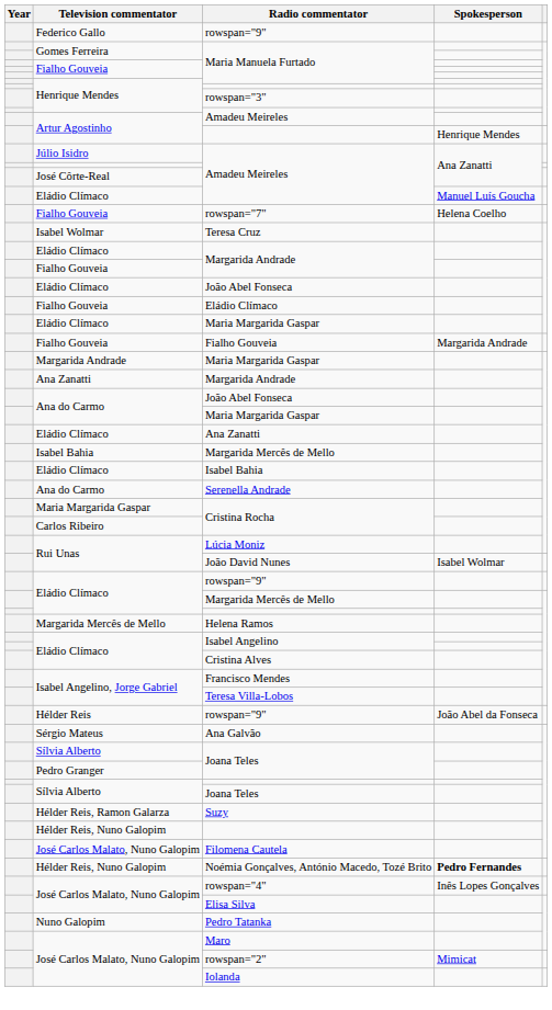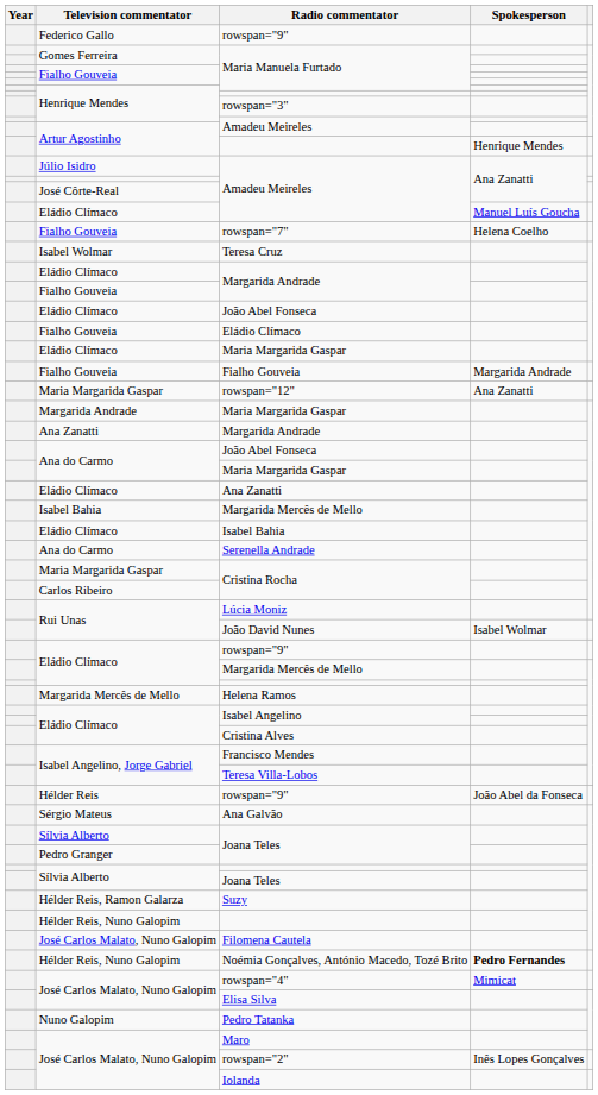 <table class="wikitable sortable plainrowheaders">
 <tr>
 <th>Year</th>
 <th>Television commentator</th>
 <th>Radio commentator</th>
 <th>Spokesperson</th>
 <th class="unsortable"></th>
 </tr>
 <tr>
 <th scope="row"></th>
 <td>Federico Gallo</td>
 <td>rowspan="9" </td>
 <td></td>
 <td></td>
 </tr>
 <tr>
 <th scope="row"></th>
 <td rowspan="2">Gomes Ferreira</td>
 <td rowspan="6">Maria Manuela Furtado</td>
 <td></td>
 </tr>
 <tr>
 <th scope="row"></th>
 <td></td>
 </tr>
 <tr>
 <th scope="row"></th>
 <td rowspan="3"><a href='#'>Fialho Gouveia</a></td>
 <td></td>
 </tr>
 <tr>
 <th scope="row"></th>
 <td></td>
 </tr>
 <tr>
 <th scope="row"></th>
 <td></td>
 </tr>
 <tr>
 <th scope="row"></th>
 <td rowspan="4">Henrique Mendes</td>
 <td></td>
 </tr>
 <tr>
 <th scope="row"></th>
 <td></td>
 <td></td>
 </tr>
 <tr>
 <th scope="row"></th>
 <td>rowspan="3" </td>
 <td></td>
 </tr>
 <tr>
 <th scope="row"></th>
 <td rowspan="2">Amadeu Meireles</td>
 <td></td>
 </tr>
 <tr>
 <th scope="row"></th>
 <td rowspan="2"><a href='#'>Artur Agostinho</a></td>
 <td></td>
 </tr>
 <tr>
 <th scope="row"></th>
 <td></td>
 <td>Henrique Mendes</td>
 <td></td>
 </tr>
 <tr>
 <th scope="row"></th>
 <td><a href='#'>Júlio Isidro</a></td>
 <td rowspan="4">Amadeu Meireles</td>
 <td rowspan="3">Ana Zanatti</td>
 <td></td>
 </tr>
 <tr>
 <th scope="row"></th>
 <td></td>
 <td></td>
 </tr>
 <tr>
 <th scope="row"></th>
 <td>José Côrte-Real</td>
 <td></td>
 </tr>
 <tr>
 <th scope="row"></th>
 <td>Eládio Clímaco</td>
 <td><a href='#'>Manuel Luís Goucha</a></td>
 <td></td>
 </tr>
 <tr>
 <th scope="row"></th>
 <td><a href='#'>Fialho Gouveia</a></td>
 <td>rowspan="7" </td>
 <td>Helena Coelho</td>
 <td></td>
 </tr>
 <tr>
 <th scope="row"></th>
 <td>Isabel Wolmar</td>
 <td>Teresa Cruz</td>
 <td></td>
 </tr>
 <tr>
 <th scope="row"></th>
 <td>Eládio Clímaco</td>
 <td rowspan="2">Margarida Andrade</td>
 <td></td>
 </tr>
 <tr>
 <th scope="row"></th>
 <td>Fialho Gouveia</td>
 <td></td>
 </tr>
 <tr>
 <th scope="row"></th>
 <td>Eládio Clímaco</td>
 <td>João Abel Fonseca</td>
 <td></td>
 </tr>
 <tr>
 <th scope="row"></th>
 <td>Fialho Gouveia</td>
 <td>Eládio Clímaco</td>
 <td></td>
 </tr>
 <tr>
 <th scope="row"></th>
 <td>Eládio Clímaco</td>
 <td>Maria Margarida Gaspar</td>
 <td></td>
 </tr>
 <tr>
 <th scope="row"></th>
 <td>Fialho Gouveia</td>
 <td>Fialho Gouveia</td>
 <td>Margarida Andrade</td>
+<td></td>
+</tr>
+<tr>
+<th scope="row"></th>
+<td>Maria Margarida Gaspar</td>
+<td>rowspan="12" </td>
+<td>Ana Zanatti</td>
 <td></td>
 </tr>
 <tr>
 <th scope="row"></th>
 <td>Margarida Andrade</td>
 <td>Maria Margarida Gaspar</td>
 <td></td>
 </tr>
 <tr>
 <th scope="row"></th>
 <td>Ana Zanatti</td>
 <td>Margarida Andrade</td>
 <td></td>
 </tr>
 <tr>
 <th scope="row"></th>
 <td rowspan="2">Ana do Carmo</td>
 <td>João Abel Fonseca</td>
 <td></td>
 </tr>
 <tr>
 <th scope="row"></th>
 <td>Maria Margarida Gaspar</td>
 <td></td>
 </tr>
 <tr>
 <th scope="row"></th>
 <td>Eládio Clímaco</td>
 <td>Ana Zanatti</td>
 <td></td>
 </tr>
 <tr>
 <th scope="row"></th>
 <td>Isabel Bahia</td>
 <td>Margarida Mercês de Mello</td>
 <td></td>
 </tr>
 <tr>
 <th scope="row"></th>
 <td>Eládio Clímaco</td>
 <td>Isabel Bahia</td>
 <td></td>
 </tr>
 <tr>
 <th scope="row"></th>
 <td>Ana do Carmo</td>
 <td><a href='#'>Serenella Andrade</a></td>
 <td></td>
 </tr>
 <tr>
 <th scope="row"></th>
 <td>Maria Margarida Gaspar</td>
 <td rowspan="2">Cristina Rocha</td>
 <td></td>
 </tr>
 <tr>
 <th scope="row"></th>
 <td>Carlos Ribeiro</td>
 <td></td>
 </tr>
 <tr>
 <th scope="row"></th>
 <td rowspan="2">Rui Unas</td>
 <td><a href='#'>Lúcia Moniz</a></td>
 <td></td>
 </tr>
 <tr>
 <th scope="row"></th>
 <td>João David Nunes</td>
 <td>Isabel Wolmar</td>
 <td></td>
 </tr>
 <tr>
 <th scope="row"></th>
 <td rowspan="3">Eládio Clímaco</td>
 <td>rowspan="9" </td>
 <td></td>
 <td></td>
 </tr>
 <tr>
 <th scope="row"></th>
 <td>Margarida Mercês de Mello</td>
 <td></td>
 </tr>
 <tr>
 <th scope="row"></th>
 <td></td>
 <td></td>
 </tr>
 <tr>
 <th scope="row"></th>
 <td>Margarida Mercês de Mello</td>
 <td>Helena Ramos</td>
 <td></td>
 </tr>
 <tr>
 <th scope="row"></th>
 <td rowspan="3">Eládio Clímaco</td>
 <td rowspan="2">Isabel Angelino</td>
 <td></td>
 </tr>
 <tr>
 <th scope="row"></th>
 <td></td>
 </tr>
 <tr>
 <th scope="row"></th>
 <td>Cristina Alves</td>
 <td></td>
 </tr>
 <tr>
 <th scope="row"></th>
 <td rowspan="2">Isabel Angelino, <a href='#'>Jorge Gabriel</a></td>
 <td>Francisco Mendes</td>
 <td></td>
 </tr>
 <tr>
 <th scope="row"></th>
 <td><a href='#'>Teresa Villa-Lobos</a></td>
 <td></td>
 </tr>
 <tr>
 <th scope="row"></th>
 <td>Hélder Reis</td>
 <td>rowspan="9" </td>
 <td>João Abel da Fonseca</td>
 <td></td>
 </tr>
 <tr>
 <th scope="row"></th>
 <td>Sérgio Mateus</td>
 <td>Ana Galvão</td>
 <td></td>
 </tr>
 <tr>
 <th scope="row"></th>
 <td><a href='#'>Sílvia Alberto</a></td>
 <td rowspan="2">Joana Teles</td>
 <td></td>
 </tr>
 <tr>
 <th scope="row"></th>
 <td>Pedro Granger</td>
 <td></td>
 </tr>
 <tr>
 <th scope="row"></th>
 <td rowspan="2">Sílvia Alberto</td>
 <td></td>
 <td></td>
 </tr>
 <tr>
 <th scope="row"></th>
 <td>Joana Teles</td>
 <td></td>
 </tr>
 <tr>
 <th scope="row"></th>
 <td>Hélder Reis, Ramon Galarza</td>
 <td><a href='#'>Suzy</a></td>
 <td></td>
 </tr>
 <tr>
 <th scope="row"></th>
 <td>Hélder Reis, Nuno Galopim </td>
 <td></td>
 <td></td>
 </tr>
 <tr>
 <th scope="row"></th>
 <td><a href='#'>José Carlos Malato</a>, Nuno Galopim</td>
 <td><a href='#'>Filomena Cautela</a></td>
 <td></td>
 </tr>
 <tr>
 <th scope="row"></th>
 <td>Hélder Reis, Nuno Galopim</td>
 <td>Noémia Gonçalves, António Macedo, Tozé Brito</td>
 <td><strong>Pedro Fernandes</strong></td>
 <td></td>
 </tr>
 <tr>
 <th scope="row"></th>
 <td rowspan="2">José Carlos Malato, Nuno Galopim</td>
 <td>rowspan="4" </td>
-<td>Inês Lopes Gonçalves</td>
+<td><a href='#'>Mimicat</a></td>
 <td></td>
 </tr>
 <tr>
 <th scope="row"></th>
 <td><a href='#'>Elisa Silva</a></td>
 <td></td>
 </tr>
 <tr>
 <th scope="row"></th>
 <td>Nuno Galopim</td>
 <td><a href='#'>Pedro Tatanka</a></td>
 <td></td>
 </tr>
 <tr>
 <th scope="row"></th>
 <td rowspan="3">José Carlos Malato, Nuno Galopim</td>
 <td><a href='#'>Maro</a></td>
 <td></td>
 </tr>
 <tr>
 <th scope="row"></th>
 <td>rowspan="2" </td>
-<td><a href='#'>Mimicat</a></td>
+<td>Inês Lopes Gonçalves</td>
 <td></td>
 </tr>
 <tr>
 <th scope="row"></th>
 <td><a href='#'>Iolanda</a></td>
 <td></td>
 </tr>
 </table>
